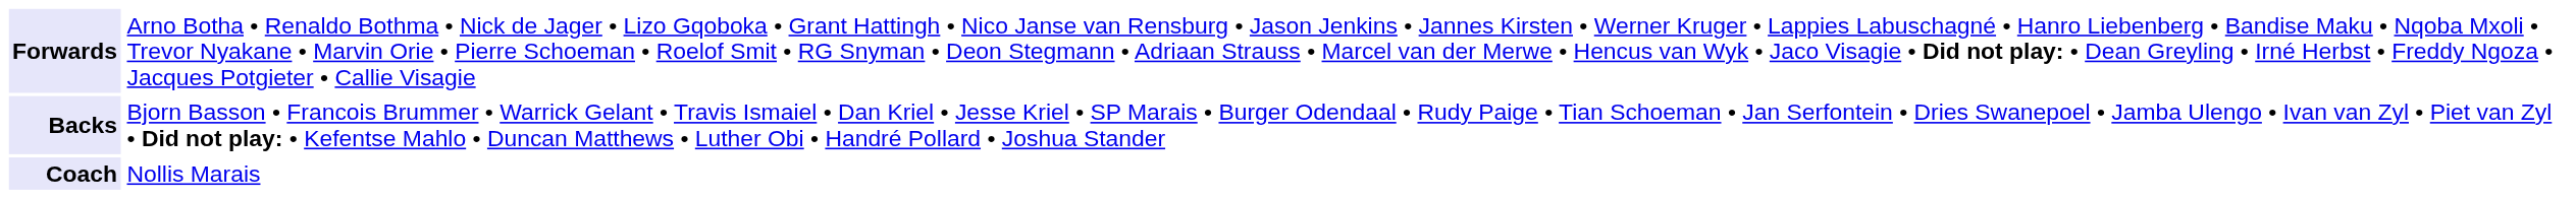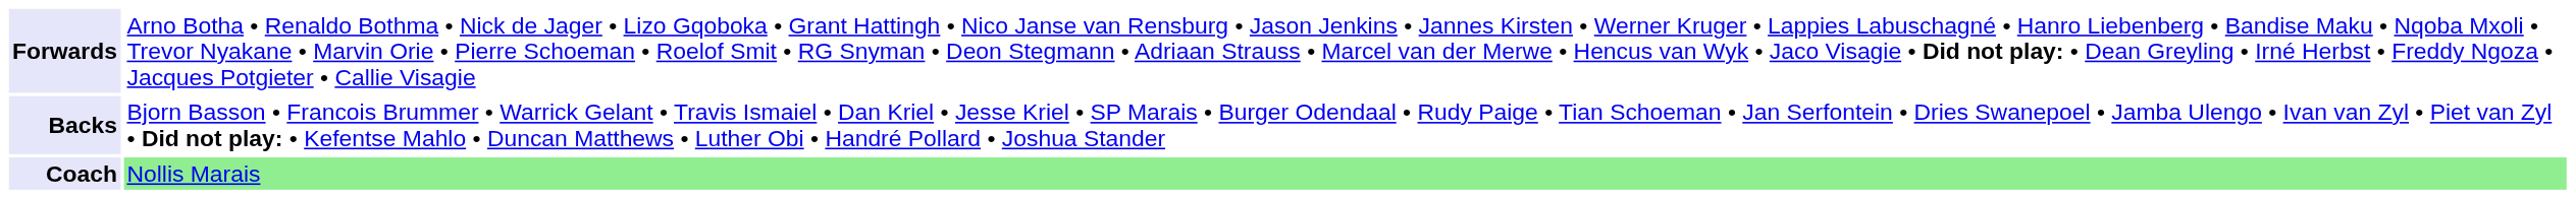 <table cellpadding="2" style="border: 1px solid white; font-size:90%;">
 <tr>
 <td style="text-align:right;" bgcolor="lavender"><strong>Forwards</strong></td>
 <td style="text-align:left;"><a href='#'>Arno Botha</a> • <a href='#'>Renaldo Bothma</a> • <a href='#'>Nick de Jager</a> • <a href='#'>Lizo Gqoboka</a> • <a href='#'>Grant Hattingh</a> • <a href='#'>Nico Janse van Rensburg</a> • <a href='#'>Jason Jenkins</a> • <a href='#'>Jannes Kirsten</a> • <a href='#'>Werner Kruger</a> • <a href='#'>Lappies Labuschagné</a> • <a href='#'>Hanro Liebenberg</a> • <a href='#'>Bandise Maku</a> • <a href='#'>Nqoba Mxoli</a> • <a href='#'>Trevor Nyakane</a> • <a href='#'>Marvin Orie</a> • <a href='#'>Pierre Schoeman</a> • <a href='#'>Roelof Smit</a> • <a href='#'>RG Snyman</a> • <a href='#'>Deon Stegmann</a> • <a href='#'>Adriaan Strauss</a> • <a href='#'>Marcel van der Merwe</a> • <a href='#'>Hencus van Wyk</a> • <a href='#'>Jaco Visagie</a> • <strong>Did not play:</strong> • <a href='#'>Dean Greyling</a> • <a href='#'>Irné Herbst</a> • <a href='#'>Freddy Ngoza</a> • <a href='#'>Jacques Potgieter</a> • <a href='#'>Callie Visagie</a></td>
 </tr>
 <tr>
 <td style="text-align:right;" bgcolor="lavender"><strong>Backs</strong></td>
 <td style="text-align:left;"><a href='#'>Bjorn Basson</a> • <a href='#'>Francois Brummer</a> • <a href='#'>Warrick Gelant</a> • <a href='#'>Travis Ismaiel</a> • <a href='#'>Dan Kriel</a> • <a href='#'>Jesse Kriel</a> • <a href='#'>SP Marais</a> • <a href='#'>Burger Odendaal</a> • <a href='#'>Rudy Paige</a> • <a href='#'>Tian Schoeman</a> • <a href='#'>Jan Serfontein</a> • <a href='#'>Dries Swanepoel</a> • <a href='#'>Jamba Ulengo</a> • <a href='#'>Ivan van Zyl</a> • <a href='#'>Piet van Zyl</a> • <strong>Did not play:</strong> • <a href='#'>Kefentse Mahlo</a> • <a href='#'>Duncan Matthews</a> • <a href='#'>Luther Obi</a> • <a href='#'>Handré Pollard</a> • <a href='#'>Joshua Stander</a></td>
 </tr>
 <tr>
 <td style="text-align:right;" bgcolor="lavender"><strong>Coach</strong></td>
-<td style="text-align:left;"><a href='#'>Nollis Marais</a></td>
+<td style="background: lightgreen; text-align:left;"><a href='#'>Nollis Marais</a></td>
 </tr>
 </table>
